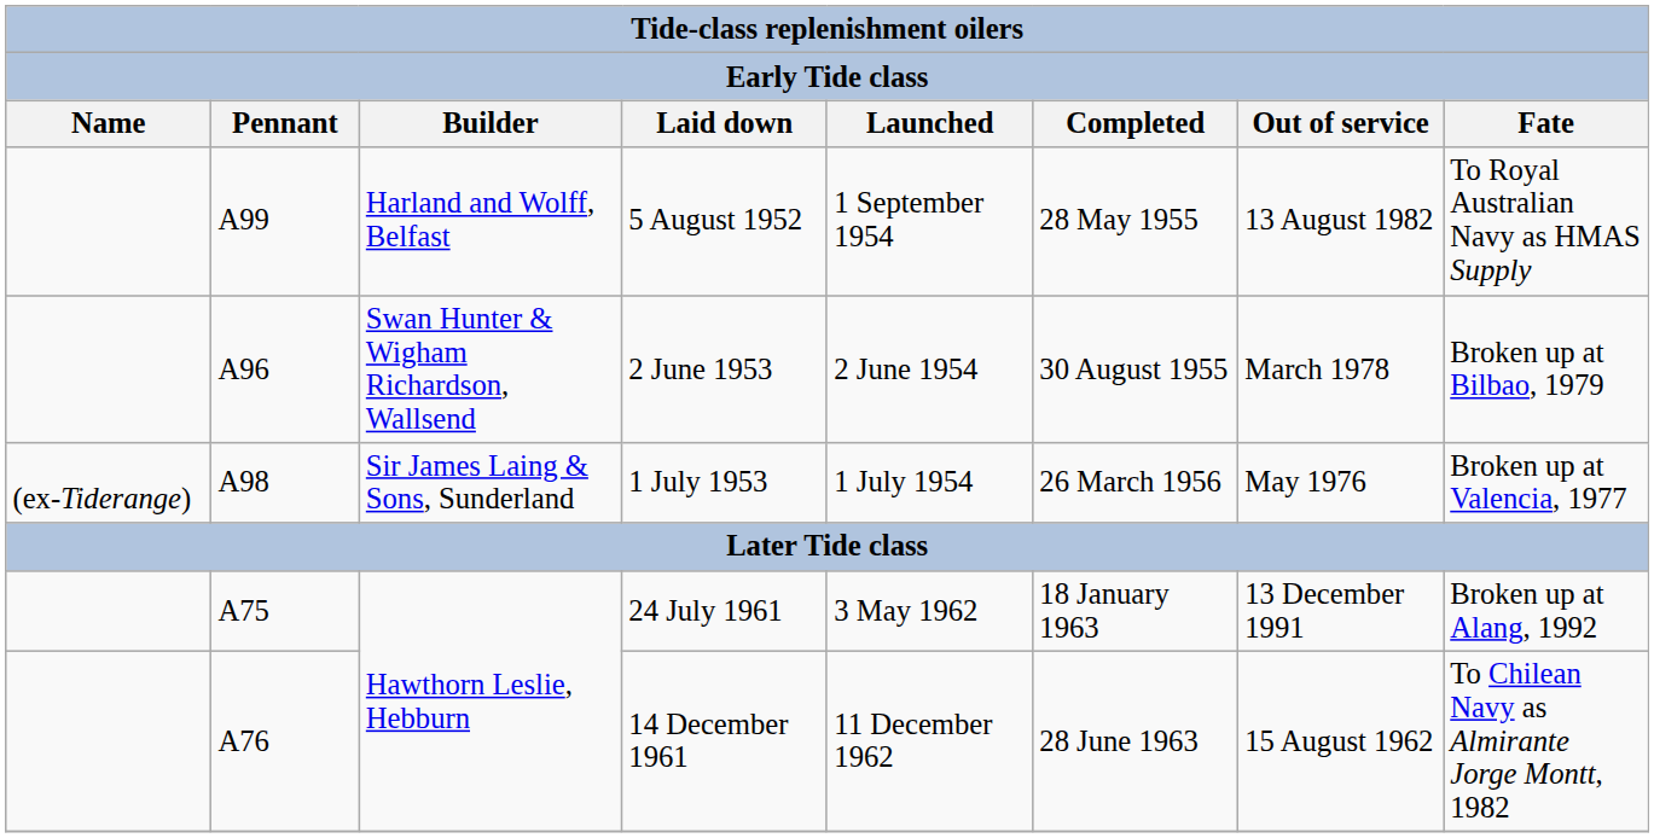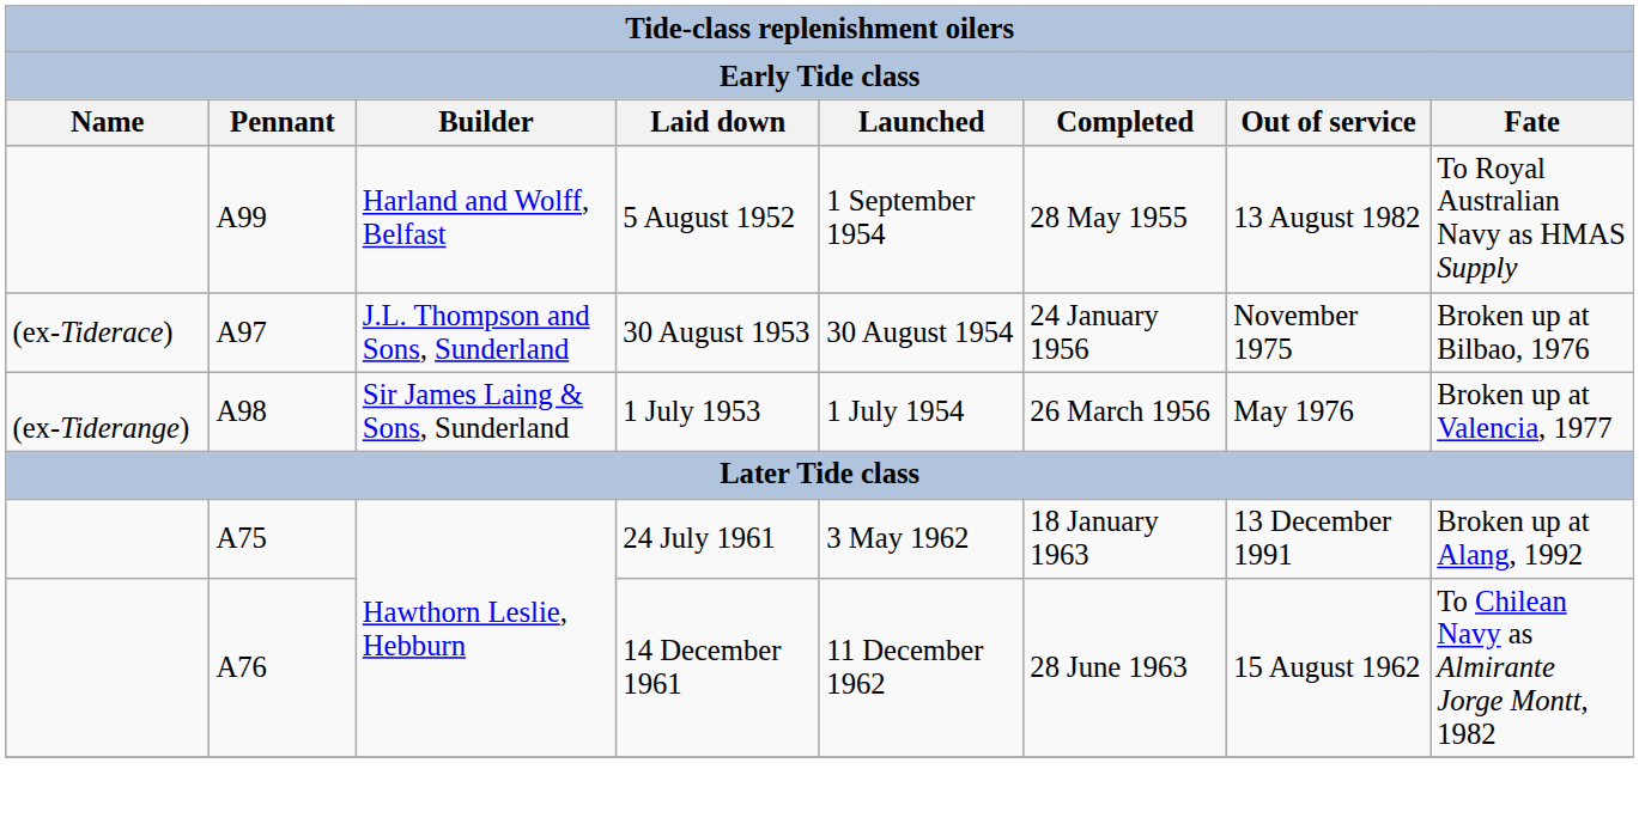 <table class="wikitable" style="margin:auto; width:100%;">
 <tr>
 <th style="align: center; background:#B0C4DE;" colspan="8">Tide-class replenishment oilers</th>
 </tr>
 <tr>
 <th style="align: center; background:#B0C4DE;" colspan="8">Early Tide class</th>
 </tr>
 <tr>
 <th style="text-align:center; width:12.5%;">Name</th>
 <th style="text-align:center; width:9%;">Pennant</th>
 <th style="text-align:center; width:16%;">Builder</th>
 <th style="text-align:center; width:12.5%;">Laid down</th>
 <th style="text-align:center; width:12.5%;">Launched</th>
 <th style="text-align:center; width:12.5%;">Completed</th>
 <th style="text-align:center; width:12.5%;">Out of service</th>
 <th style="text-align:center; width:12.5%;">Fate</th>
 </tr>
 <tr>
 <td></td>
 <td>A99</td>
 <td><a href='#'>Harland and Wolff</a>, <a href='#'>Belfast</a></td>
 <td>5 August 1952</td>
 <td>1 September 1954</td>
 <td>28 May 1955</td>
 <td>13 August 1982</td>
 <td>To Royal Australian Navy as HMAS <em>Supply</em></td>
 </tr>
 <tr>
-<td></td>
-<td>A96</td>
-<td><a href='#'>Swan Hunter & Wigham Richardson</a>, <a href='#'>Wallsend</a></td>
-<td>2 June 1953</td>
-<td>2 June 1954</td>
-<td>30 August 1955</td>
-<td>March 1978</td>
-<td>Broken up at <a href='#'>Bilbao</a>, 1979</td>
+<td> (ex-<em>Tiderace</em>)</td>
+<td>A97</td>
+<td><a href='#'>J.L. Thompson and Sons</a>, <a href='#'>Sunderland</a></td>
+<td>30 August 1953</td>
+<td>30 August 1954</td>
+<td>24 January 1956</td>
+<td>November 1975</td>
+<td>Broken up at Bilbao, 1976</td>
 </tr>
 <tr>
 <td><br>(ex-<em>Tiderange</em>)</td>
 <td>A98</td>
 <td><a href='#'>Sir James Laing & Sons</a>, Sunderland</td>
 <td>1 July 1953</td>
 <td>1 July 1954</td>
 <td>26 March 1956</td>
 <td>May 1976</td>
 <td>Broken up at <a href='#'>Valencia</a>, 1977</td>
 </tr>
 <tr>
 <th style="align: center; background:#B0C4DE;" colspan="8">Later Tide class</th>
 </tr>
 <tr>
 <td></td>
 <td>A75</td>
 <td rowspan=2><a href='#'>Hawthorn Leslie</a>, <a href='#'>Hebburn</a></td>
 <td>24 July 1961</td>
 <td>3 May 1962</td>
 <td>18 January 1963</td>
 <td>13 December 1991</td>
 <td>Broken up at <a href='#'>Alang</a>, 1992</td>
 </tr>
 <tr>
 <td></td>
 <td>A76</td>
 <td>14 December 1961</td>
 <td>11 December 1962</td>
 <td>28 June 1963</td>
 <td>15 August 1962</td>
 <td>To <a href='#'>Chilean Navy</a> as <em>Almirante Jorge Montt</em>, 1982</td>
 </tr>
 <tr>
 </tr>
 </table>
